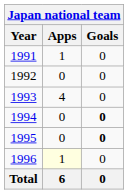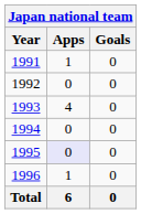 <table class="wikitable" style="text-align:center">
 <tr>
 <th colspan=3><a href='#'>Japan national team</a></th>
 </tr>
 <tr>
 <th>Year</th>
 <th>Apps</th>
 <th>Goals</th>
 </tr>
 <tr>
 <td><a href='#'>1991</a></td>
 <td>1</td>
 <td>0</td>
 </tr>
 <tr>
 <td>1992</td>
 <td>0</td>
 <td>0</td>
 </tr>
 <tr>
 <td><a href='#'>1993</a></td>
 <td>4</td>
 <td>0</td>
 </tr>
 <tr>
 <td><a href='#'>1994</a></td>
 <td>0</td>
-<td><strong>0</strong></td>
+<td>0</td>
 </tr>
 <tr>
 <td><a href='#'>1995</a></td>
+<td style="background: lavender;">0</td>
 <td>0</td>
-<td><strong>0</strong></td>
 </tr>
 <tr>
 <td><a href='#'>1996</a></td>
-<td style="background: lightyellow;">1</td>
+<td>1</td>
 <td>0</td>
 </tr>
 <tr>
 <th>Total</th>
 <th>6</th>
 <th>0</th>
 </tr>
 </table>
